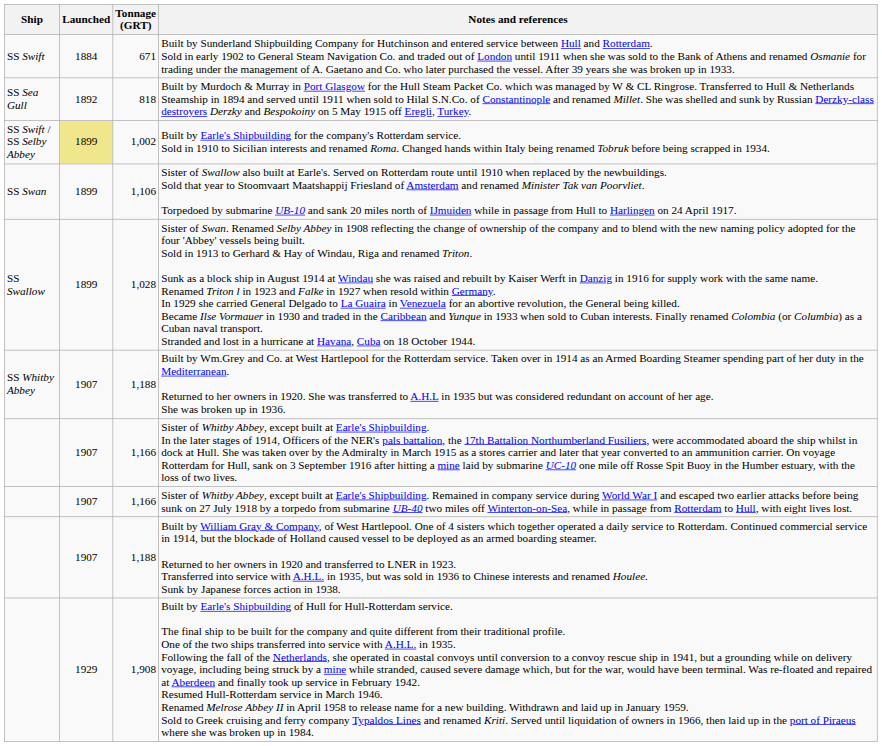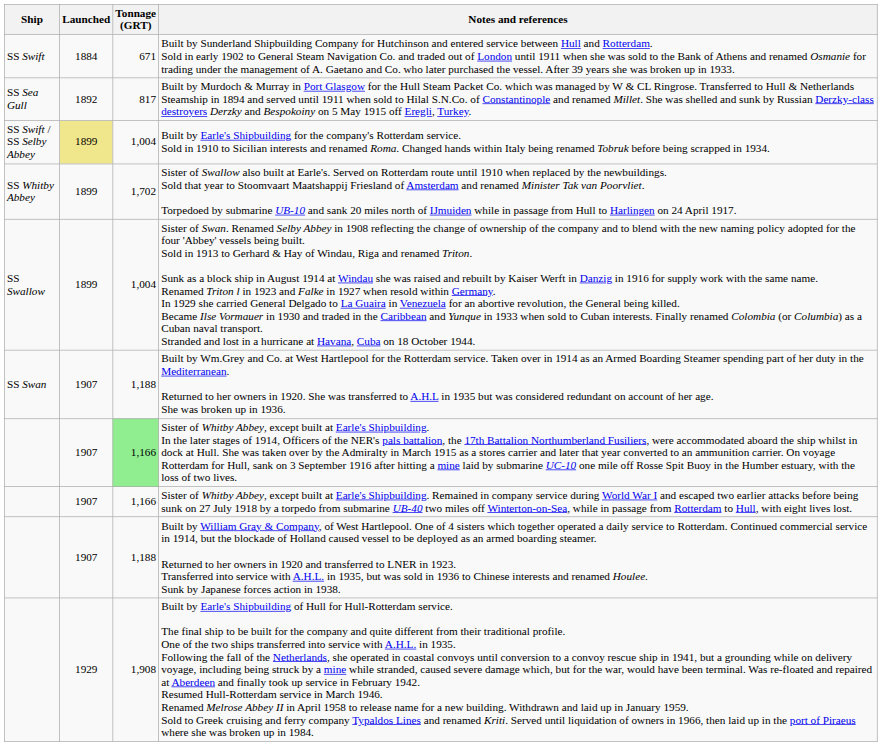 <table class="wikitable sortable">
 <tr>
 <th scope="col">Ship</th>
 <th scope="col">Launched</th>
 <th scope="col">Tonnage<br>(GRT)</th>
 <th scope="col">Notes and references</th>
 </tr>
 <tr>
 <td>SS <em>Swift</em></td>
 <td align="center">1884</td>
 <td align="right">671</td>
 <td>Built by Sunderland Shipbuilding Company for Hutchinson and entered service between <a href='#'>Hull</a> and <a href='#'>Rotterdam</a>.<br>Sold in early 1902 to General Steam Navigation Co. and traded out of <a href='#'>London</a> until 1911 when she was sold to the Bank of Athens and renamed <em>Osmanie</em> for trading under the management of A. Gaetano and Co. who later purchased the vessel. After 39 years she was broken up in 1933.</td>
 </tr>
 <tr>
 <td>SS <em>Sea Gull</em></td>
 <td align="center">1892</td>
-<td align="right">818</td>
+<td align="right">817</td>
 <td>Built by Murdoch & Murray in <a href='#'>Port Glasgow</a> for the Hull Steam Packet Co. which was managed by W & CL Ringrose. Transferred to Hull & Netherlands Steamship in 1894 and served until 1911 when sold to Hilal S.N.Co. of <a href='#'>Constantinople</a> and renamed <em>Millet</em>. She was shelled and sunk by Russian <a href='#'>Derzky-class destroyers</a> <em>Derzky</em> and <em>Bespokoiny</em> on 5 May 1915 off <a href='#'>Eregli</a>, <a href='#'>Turkey</a>.</td>
 </tr>
 <tr>
 <td>SS <em>Swift</em> /<br>SS <em>Selby Abbey</em></td>
 <td align="center" style="background: khaki;">1899</td>
-<td align="right">1,002</td>
+<td align="right">1,004</td>
 <td>Built by <a href='#'>Earle's Shipbuilding</a> for the company's Rotterdam service.<br>Sold in 1910 to Sicilian interests and renamed <em>Roma</em>. Changed hands within Italy being renamed <em>Tobruk</em> before being scrapped in 1934.</td>
 </tr>
 <tr>
-<td>SS <em>Swan</em></td>
+<td>SS <em>Whitby Abbey</em></td>
 <td align="center">1899</td>
-<td align="right">1,106</td>
+<td align="right">1,702</td>
 <td>Sister of <em>Swallow</em> also built at Earle's. Served on Rotterdam route until 1910 when replaced by the newbuildings.<br>Sold that year to Stoomvaart Maatshappij Friesland of <a href='#'>Amsterdam</a> and renamed <em>Minister Tak van Poorvliet</em>.<br><br>Torpedoed by submarine <em><a href='#'>UB-10</a></em> and sank 20 miles north of <a href='#'>IJmuiden</a> while in passage from Hull to <a href='#'>Harlingen</a> on 24 April 1917.</td>
 </tr>
 <tr>
 <td>SS <em>Swallow</em></td>
 <td align="center">1899</td>
-<td align="right">1,028</td>
+<td align="right">1,004</td>
 <td>Sister of <em>Swan</em>. Renamed <em>Selby Abbey</em> in 1908 reflecting the change of ownership of the company and to blend with the new naming policy adopted for the four 'Abbey' vessels being built.<br>Sold in 1913 to Gerhard & Hay of Windau, Riga and renamed <em>Triton</em>.<br><br>Sunk as a block ship in August 1914 at <a href='#'>Windau</a> she was raised and rebuilt by Kaiser Werft in <a href='#'>Danzig</a> in 1916 for supply work with the same name.<br> Renamed <em>Triton l</em> in 1923 and <em>Falke</em> in 1927 when resold within <a href='#'>Germany</a>.<br> In 1929 she carried General Delgado to <a href='#'>La Guaira</a> in <a href='#'>Venezuela</a> for an abortive revolution, the General being killed.<br> Became <em>Ilse Vormauer</em> in 1930 and traded in the <a href='#'>Caribbean</a> and <em>Yunque</em> in 1933 when sold to Cuban interests. Finally renamed <em>Colombia</em> (or <em>Columbia</em>) as a Cuban naval transport.<br>Stranded and lost in a hurricane at <a href='#'>Havana</a>, <a href='#'>Cuba</a> on 18 October 1944.</td>
 </tr>
 <tr>
-<td>SS <em>Whitby Abbey</em></td>
+<td>SS <em>Swan</em></td>
 <td align="center">1907</td>
 <td align="right">1,188</td>
 <td>Built by Wm.Grey and Co. at West Hartlepool for the Rotterdam service. Taken over in 1914 as an Armed Boarding Steamer spending part of her duty in the <a href='#'>Mediterranean</a>.<br><br>Returned to her owners in 1920. She was transferred to <a href='#'>A.H.L</a> in 1935 but was considered redundant on account of her age.<br> She was broken up in 1936.</td>
 </tr>
 <tr>
 <td></td>
 <td align="center">1907</td>
-<td align="right">1,166</td>
+<td align="right" style="background: lightgreen;">1,166</td>
 <td>Sister of <em>Whitby Abbey</em>, except built at <a href='#'>Earle's Shipbuilding</a>.<br>In the later stages of 1914, Officers of the NER's <a href='#'>pals battalion</a>, the <a href='#'>17th Battalion Northumberland Fusiliers</a>, were accommodated aboard the ship whilst in dock at Hull. She was taken over by the Admiralty in March 1915 as a stores carrier and later that year converted to an ammunition carrier. On voyage Rotterdam for Hull, sank on 3 September 1916 after hitting a <a href='#'>mine</a> laid by submarine <em><a href='#'>UC-10</a></em> one mile off Rosse Spit Buoy in the Humber estuary, with the loss of two lives.</td>
 </tr>
 <tr>
 <td></td>
 <td align="center">1907</td>
 <td align="right">1,166</td>
 <td>Sister of <em>Whitby Abbey</em>, except built at <a href='#'>Earle's Shipbuilding</a>. Remained in company service during <a href='#'>World War I</a> and escaped two earlier attacks before being sunk on 27 July 1918 by a torpedo from submarine <em><a href='#'>UB-40</a></em> two miles off <a href='#'>Winterton-on-Sea</a>, while in passage from <a href='#'>Rotterdam</a> to <a href='#'>Hull</a>, with eight lives lost.</td>
 </tr>
 <tr>
 <td></td>
 <td align="center">1907</td>
 <td align="right">1,188</td>
 <td>Built by <a href='#'>William Gray & Company</a>, of West Hartlepool. One of 4 sisters which together operated a daily service to Rotterdam. Continued commercial service in 1914, but the blockade of Holland caused vessel to be deployed as an armed boarding steamer.<br><br>Returned to her owners in 1920 and transferred to LNER in 1923.<br> Transferred into service with <a href='#'>A.H.L.</a> in 1935, but was sold in 1936 to Chinese interests and renamed <em>Houlee</em>.<br> Sunk by Japanese forces action in 1938.</td>
 </tr>
 <tr>
 <td></td>
 <td align="center">1929</td>
 <td align="right">1,908</td>
 <td>Built by <a href='#'>Earle's Shipbuilding</a> of Hull for Hull-Rotterdam service.<br><br>The final ship to be built for the company and quite different from their traditional profile.<br> One of the two ships transferred into service with <a href='#'>A.H.L.</a> in 1935.<br> Following the fall of the <a href='#'>Netherlands</a>, she operated in coastal convoys until conversion to a convoy rescue ship in 1941, but a grounding while on delivery voyage, including being struck by a <a href='#'>mine</a> while stranded, caused severe damage which, but for the war, would have been terminal. Was re-floated and repaired at <a href='#'>Aberdeen</a> and finally took up service in February 1942.<br> Resumed Hull-Rotterdam service in March 1946.<br> Renamed <em>Melrose Abbey II</em> in April 1958 to release name for a new building. Withdrawn and laid up in January 1959.<br>Sold to Greek cruising and ferry company <a href='#'>Typaldos Lines</a> and renamed <em>Kriti</em>. Served until liquidation of owners in 1966, then laid up in the <a href='#'>port of Piraeus</a> where she was broken up in 1984.</td>
 </tr>
 </table>
